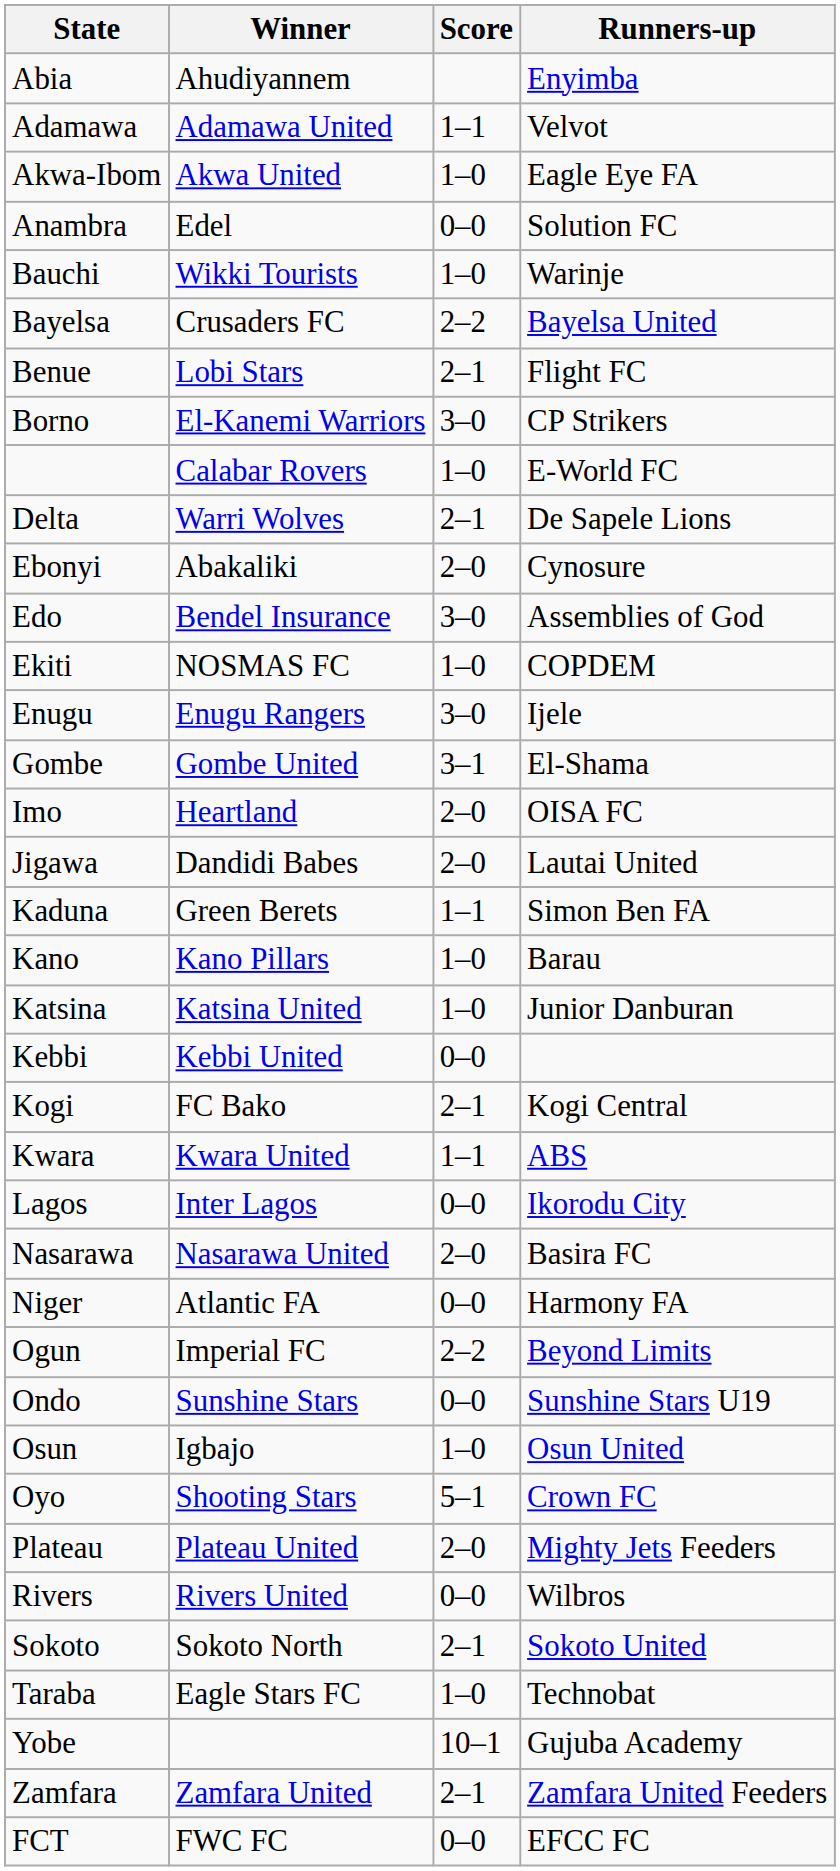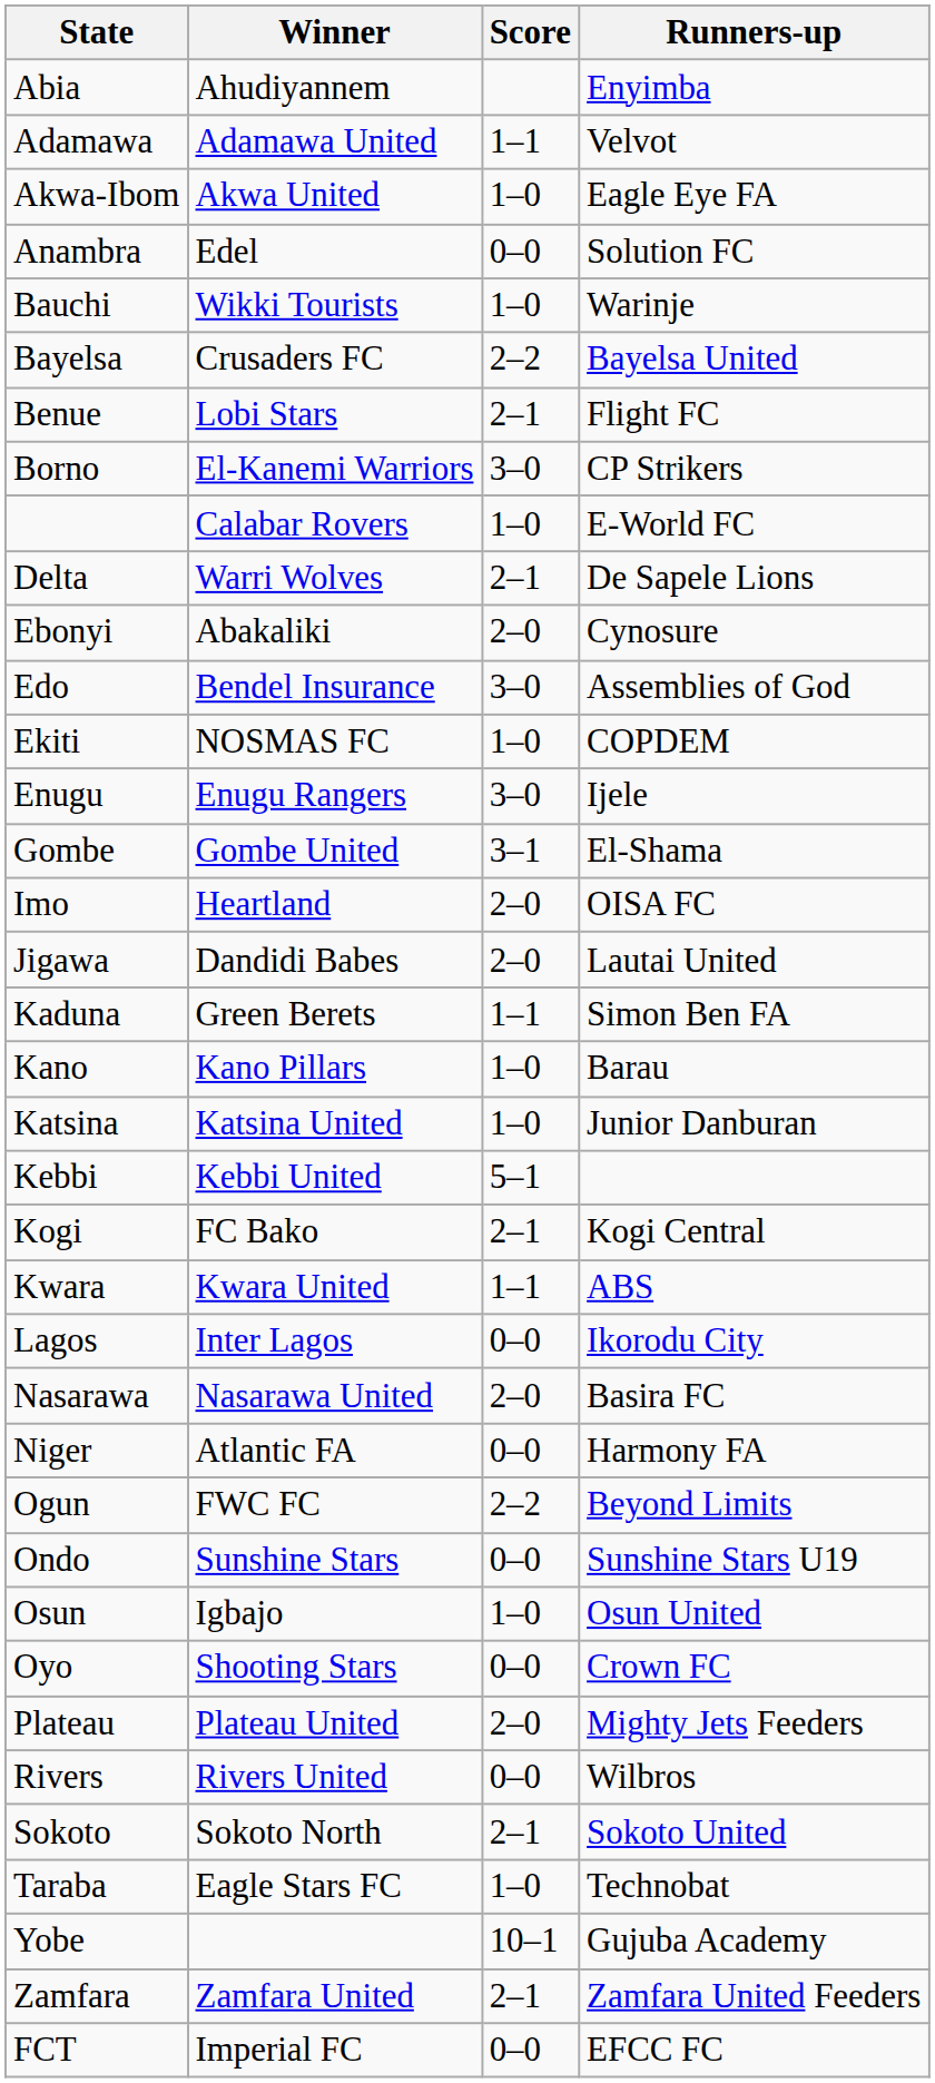 <table class="sortable wikitable plainrowheaders">
 <tr>
 <th>State</th>
 <th>Winner</th>
 <th>Score</th>
 <th>Runners-up</th>
 </tr>
 <tr>
 <td>Abia</td>
 <td>Ahudiyannem</td>
 <td></td>
 <td><a href='#'>Enyimba</a></td>
 </tr>
 <tr>
 <td>Adamawa</td>
 <td><a href='#'>Adamawa United</a></td>
 <td>1–1 </td>
 <td>Velvot</td>
 </tr>
 <tr>
 <td>Akwa-Ibom</td>
 <td><a href='#'>Akwa United</a></td>
 <td>1–0</td>
 <td>Eagle Eye FA</td>
 </tr>
 <tr>
 <td>Anambra</td>
 <td>Edel</td>
 <td>0–0 </td>
 <td>Solution FC</td>
 </tr>
 <tr>
 <td>Bauchi</td>
 <td><a href='#'>Wikki Tourists</a></td>
 <td>1–0</td>
 <td>Warinje</td>
 </tr>
 <tr>
 <td>Bayelsa</td>
 <td>Crusaders FC</td>
 <td>2–2 </td>
 <td><a href='#'>Bayelsa United</a></td>
 </tr>
 <tr>
 <td>Benue</td>
 <td><a href='#'>Lobi Stars</a></td>
 <td>2–1</td>
 <td>Flight FC</td>
 </tr>
 <tr>
 <td>Borno</td>
 <td><a href='#'>El-Kanemi Warriors</a></td>
 <td>3–0</td>
 <td>CP Strikers</td>
 </tr>
 <tr>
 <td></td>
 <td><a href='#'>Calabar Rovers</a></td>
 <td>1–0</td>
 <td>E-World FC</td>
 </tr>
 <tr>
 <td>Delta</td>
 <td><a href='#'>Warri Wolves</a></td>
 <td>2–1</td>
 <td>De Sapele Lions</td>
 </tr>
 <tr>
 <td>Ebonyi</td>
 <td>Abakaliki</td>
 <td>2–0</td>
 <td>Cynosure</td>
 </tr>
 <tr>
 <td>Edo</td>
 <td><a href='#'>Bendel Insurance</a></td>
 <td>3–0</td>
 <td>Assemblies of God</td>
 </tr>
 <tr>
 <td>Ekiti</td>
 <td>NOSMAS FC</td>
 <td>1–0</td>
 <td>COPDEM</td>
 </tr>
 <tr>
 <td>Enugu</td>
 <td><a href='#'>Enugu Rangers</a></td>
 <td>3–0</td>
 <td>Ijele</td>
 </tr>
 <tr>
 <td>Gombe</td>
 <td><a href='#'>Gombe United</a></td>
 <td>3–1</td>
 <td>El-Shama</td>
 </tr>
 <tr>
 <td>Imo</td>
 <td><a href='#'>Heartland</a></td>
 <td>2–0</td>
 <td>OISA FC</td>
 </tr>
 <tr>
 <td>Jigawa</td>
 <td>Dandidi Babes</td>
 <td>2–0</td>
 <td>Lautai United</td>
 </tr>
 <tr>
 <td>Kaduna</td>
 <td>Green Berets</td>
 <td>1–1 </td>
 <td>Simon Ben FA</td>
 </tr>
 <tr>
 <td>Kano</td>
 <td><a href='#'>Kano Pillars</a></td>
 <td>1–0</td>
 <td>Barau</td>
 </tr>
 <tr>
 <td>Katsina</td>
 <td><a href='#'>Katsina United</a></td>
 <td>1–0</td>
 <td>Junior Danburan</td>
 </tr>
 <tr>
 <td>Kebbi</td>
 <td><a href='#'>Kebbi United</a></td>
-<td>0–0 </td>
+<td>5–1</td>
 <td></td>
 </tr>
 <tr>
 <td>Kogi</td>
 <td>FC Bako</td>
 <td>2–1</td>
 <td>Kogi Central</td>
 </tr>
 <tr>
 <td>Kwara</td>
 <td><a href='#'>Kwara United</a></td>
 <td>1–1 </td>
 <td><a href='#'>ABS</a></td>
 </tr>
 <tr>
 <td>Lagos</td>
 <td><a href='#'>Inter Lagos</a></td>
 <td>0–0 </td>
 <td><a href='#'>Ikorodu City</a></td>
 </tr>
 <tr>
 <td>Nasarawa</td>
 <td><a href='#'>Nasarawa United</a></td>
 <td>2–0</td>
 <td>Basira FC</td>
 </tr>
 <tr>
 <td>Niger</td>
 <td>Atlantic FA</td>
 <td>0–0 </td>
 <td>Harmony FA</td>
 </tr>
 <tr>
 <td>Ogun</td>
-<td>Imperial FC</td>
+<td>FWC FC</td>
 <td>2–2 </td>
 <td><a href='#'>Beyond Limits</a></td>
 </tr>
 <tr>
 <td>Ondo</td>
 <td><a href='#'>Sunshine Stars</a></td>
 <td>0–0 </td>
 <td><a href='#'>Sunshine Stars</a> U19</td>
 </tr>
 <tr>
 <td>Osun</td>
 <td>Igbajo</td>
 <td>1–0</td>
 <td><a href='#'>Osun United</a></td>
 </tr>
 <tr>
 <td>Oyo</td>
 <td><a href='#'>Shooting Stars</a></td>
-<td>5–1</td>
+<td>0–0 </td>
 <td><a href='#'>Crown FC</a></td>
 </tr>
 <tr>
 <td>Plateau</td>
 <td><a href='#'>Plateau United</a></td>
 <td>2–0</td>
 <td><a href='#'>Mighty Jets</a> Feeders</td>
 </tr>
 <tr>
 <td>Rivers</td>
 <td><a href='#'>Rivers United</a></td>
 <td>0–0 </td>
 <td>Wilbros</td>
 </tr>
 <tr>
 <td>Sokoto</td>
 <td>Sokoto North</td>
 <td>2–1</td>
 <td><a href='#'>Sokoto United</a></td>
 </tr>
 <tr>
 <td>Taraba</td>
 <td>Eagle Stars FC</td>
 <td>1–0</td>
 <td>Technobat</td>
 </tr>
 <tr>
 <td>Yobe</td>
 <td></td>
 <td>10–1</td>
 <td>Gujuba Academy</td>
 </tr>
 <tr>
 <td>Zamfara</td>
 <td><a href='#'>Zamfara United</a></td>
 <td>2–1</td>
 <td><a href='#'>Zamfara United</a> Feeders</td>
 </tr>
 <tr>
 <td>FCT</td>
-<td>FWC FC</td>
+<td>Imperial FC</td>
 <td>0–0 </td>
 <td>EFCC FC</td>
 </tr>
 </table>
